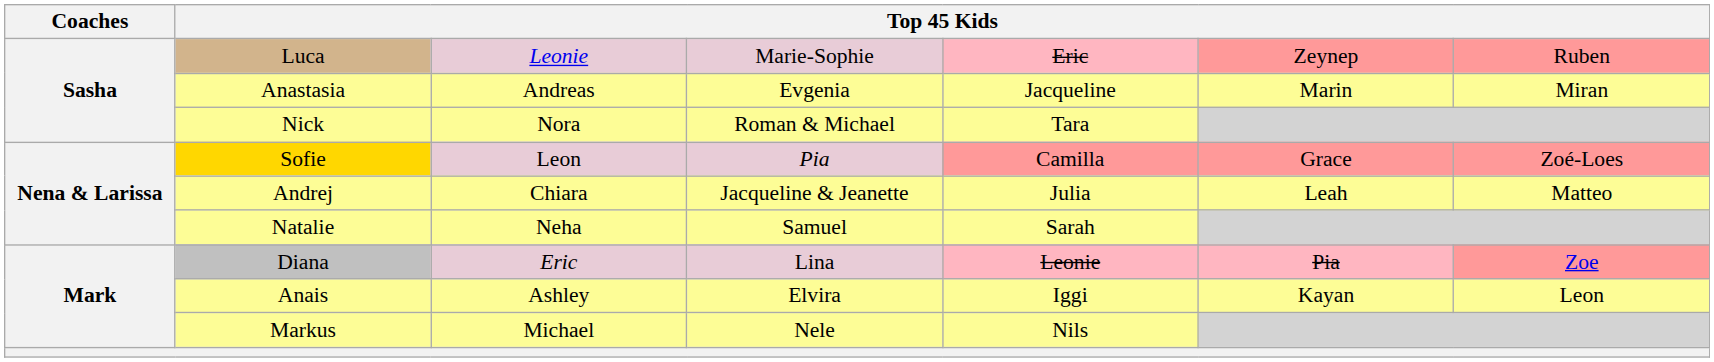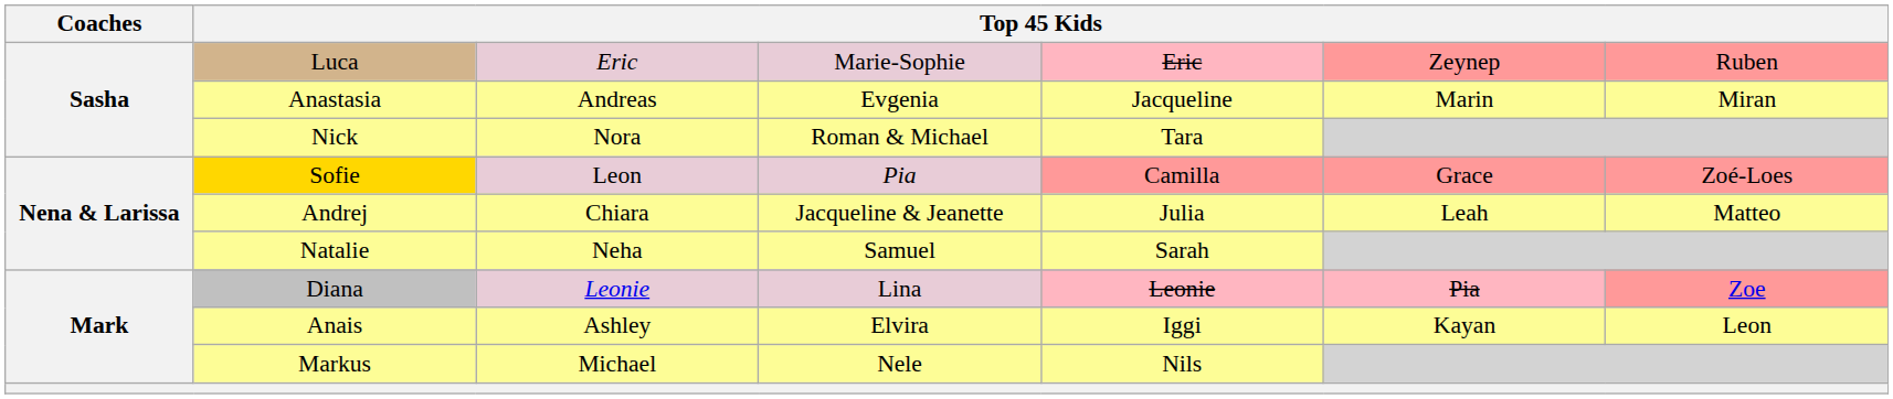 <table class="wikitable" style="text-align:center; width:100%">
 <tr>
 <th width="10%" scope="col">Coaches</th>
 <th width="90%" colspan="6" scope="col">Top 45 Kids</th>
 </tr>
 <tr>
 <th rowspan="3">Sasha</th>
 <td style="background:tan; width:15%">Luca</td>
-<td style="background:#E8CCD7; width:15%"><em><a href='#'>Leonie</a></em></td>
+<td style="background:#E8CCD7"><em>Eric</em></td>
 <td style="background:#E8CCD7; width:15%">Marie-Sophie</td>
 <td style="background:lightpink; width:15%"><s>Eric</s></td>
 <td style="background:#FF9999; width:15%">Zeynep</td>
 <td style="background:#FF9999">Ruben</td>
 </tr>
 <tr>
 <td style="background:#FDFD96">Anastasia</td>
 <td style="background:#FDFD96">Andreas</td>
 <td style="background:#FDFD96">Evgenia</td>
 <td style="background:#FDFD96">Jacqueline</td>
 <td style="background:#FDFD96">Marin</td>
 <td style="background:#FDFD96">Miran</td>
 </tr>
 <tr>
 <td style="background:#FDFD96">Nick</td>
 <td style="background:#FDFD96">Nora</td>
 <td style="background:#FDFD96">Roman & Michael</td>
 <td style="background:#FDFD96">Tara</td>
 <td style="background:lightgrey" colspan="2"></td>
 </tr>
 <tr>
 <th rowspan="3">Nena & Larissa</th>
 <td style="background:gold">Sofie</td>
 <td style="background:#E8CCD7">Leon</td>
 <td style="background:#E8CCD7"><em>Pia</em></td>
 <td style="background:#FF9999">Camilla</td>
 <td style="background:#FF9999">Grace</td>
 <td style="background:#FF9999">Zoé-Loes</td>
 </tr>
 <tr>
 <td style="background:#FDFD96">Andrej</td>
 <td style="background:#FDFD96">Chiara</td>
 <td style="background:#FDFD96">Jacqueline & Jeanette</td>
 <td style="background:#FDFD96">Julia</td>
 <td style="background:#FDFD96">Leah</td>
 <td style="background:#FDFD96">Matteo</td>
 </tr>
 <tr>
 <td style="background:#FDFD96">Natalie</td>
 <td style="background:#FDFD96">Neha</td>
 <td style="background:#FDFD96">Samuel</td>
 <td style="background:#FDFD96">Sarah</td>
 <td style="background:lightgrey" colspan="2"></td>
 </tr>
 <tr>
 <th rowspan="3">Mark</th>
 <td style="background:silver">Diana</td>
-<td style="background:#E8CCD7"><em>Eric</em></td>
+<td style="background:#E8CCD7; width:15%"><em><a href='#'>Leonie</a></em></td>
 <td style="background:#E8CCD7">Lina</td>
 <td style="background:lightpink"><s>Leonie</s></td>
 <td style="background:lightpink"><s>Pia</s></td>
 <td style="background:#FF9999; width:15%"><a href='#'>Zoe</a></td>
 </tr>
 <tr>
 <td style="background:#FDFD96">Anais</td>
 <td style="background:#FDFD96">Ashley</td>
 <td style="background:#FDFD96">Elvira</td>
 <td style="background:#FDFD96">Iggi</td>
 <td style="background:#FDFD96">Kayan</td>
 <td style="background:#FDFD96">Leon</td>
 </tr>
 <tr>
 <td style="background:#FDFD96">Markus</td>
 <td style="background:#FDFD96">Michael</td>
 <td style="background:#FDFD96">Nele</td>
 <td style="background:#FDFD96">Nils</td>
 <td style="background:lightgrey" colspan="2"></td>
 </tr>
 <tr>
 <th colspan="7" style="font-size:90%; line-height:12px"></th>
 </tr>
 </table>
